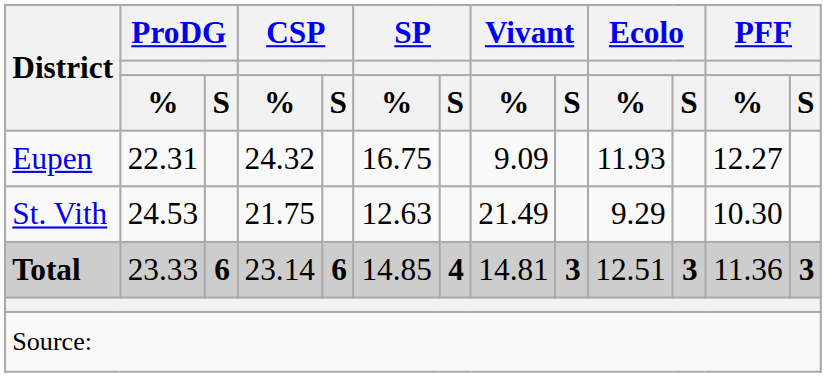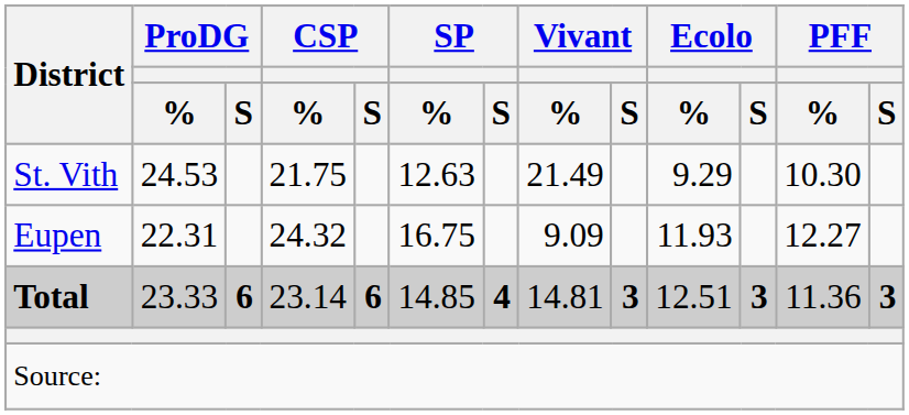 <table class="wikitable sortable" style="text-align:right; font-size:95%; line-height:20px;">
 <tr>
 <th rowspan="3">District</th>
 <th colspan="2" width="30px" class="unsortable"><a href='#'>ProDG</a></th>
 <th colspan="2" width="30px" class="unsortable"><a href='#'>CSP</a></th>
 <th colspan="2" width="30px" class="unsortable"><a href='#'>SP</a></th>
 <th colspan="2" width="30px" class="unsortable"><a href='#'>Vivant</a></th>
 <th colspan="2" width="30px" class="unsortable"><a href='#'>Ecolo</a></th>
 <th colspan="2" width="30px" class="unsortable"><a href='#'>PFF</a></th>
 </tr>
 <tr>
 <th colspan="2" style="background-color:"></th>
 <th colspan="2" style="background-color:"></th>
 <th colspan="2" style="background-color:"></th>
 <th colspan="2" style="background-color:"></th>
 <th colspan="2" style="background-color:"></th>
 <th colspan="2" style="background-color:"></th>
 </tr>
 <tr>
 <th>%</th>
 <th>S</th>
 <th data-sort-type="number">%</th>
 <th data-sort-type="number">S</th>
 <th data-sort-type="number">%</th>
 <th data-sort-type="number">S</th>
 <th>%</th>
 <th>S</th>
 <th>%</th>
 <th>S</th>
 <th data-sort-type="number">%</th>
 <th data-sort-type="number">S</th>
 </tr>
 <tr>
+<td align="left"><a href='#'>St. Vith</a></td>
+<td style="background:">24.53</td>
+<td></td>
+<td>21.75</td>
+<td></td>
+<td>12.63</td>
+<td></td>
+<td>21.49</td>
+<td></td>
+<td>9.29</td>
+<td></td>
+<td>10.30</td>
+<td></td>
+</tr>
+<tr>
 <td align="left"><a href='#'>Eupen</a></td>
 <td>22.31</td>
 <td></td>
 <td style="background:">24.32</td>
 <td></td>
 <td>16.75</td>
 <td></td>
 <td>9.09</td>
 <td></td>
 <td>11.93</td>
 <td></td>
 <td>12.27</td>
-<td></td>
-</tr>
-<tr>
-<td align="left"><a href='#'>St. Vith</a></td>
-<td style="background:">24.53</td>
-<td></td>
-<td>21.75</td>
-<td></td>
-<td>12.63</td>
-<td></td>
-<td>21.49</td>
-<td></td>
-<td>9.29</td>
-<td></td>
-<td>10.30</td>
 <td></td>
 </tr>
 <tr style="background:#CDCDCD;">
 <td align="left"><strong>Total</strong></td>
 <td style="background:">23.33</td>
 <td><strong>6</strong></td>
 <td>23.14</td>
 <td><strong>6</strong></td>
 <td>14.85</td>
 <td><strong>4</strong></td>
 <td>14.81</td>
 <td><strong>3</strong></td>
 <td>12.51</td>
 <td><strong>3</strong></td>
 <td>11.36</td>
 <td><strong>3</strong></td>
 </tr>
 <tr>
 <th colspan="13"></th>
 </tr>
 <tr>
 <th colspan="13" style="text-align:left; font-weight:normal; background:#F9F9F9"><small>Source: </small></th>
 </tr>
 </table>
